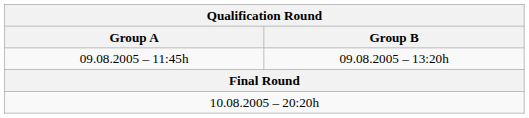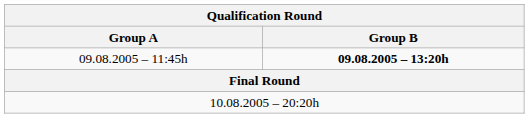 <table class="wikitable" style=" text-align:center; font-size:110%;" width="35%">
 <tr>
 <th colspan="2">Qualification Round</th>
 </tr>
 <tr>
 <th>Group A</th>
 <th>Group B</th>
 </tr>
 <tr>
 <td>09.08.2005 – 11:45h</td>
-<td>09.08.2005 – 13:20h</td>
+<td><strong>09.08.2005 – 13:20h</strong></td>
 </tr>
 <tr>
 <th colspan="2">Final Round</th>
 </tr>
 <tr>
 <td colspan="2">10.08.2005 – 20:20h</td>
 </tr>
 </table>
